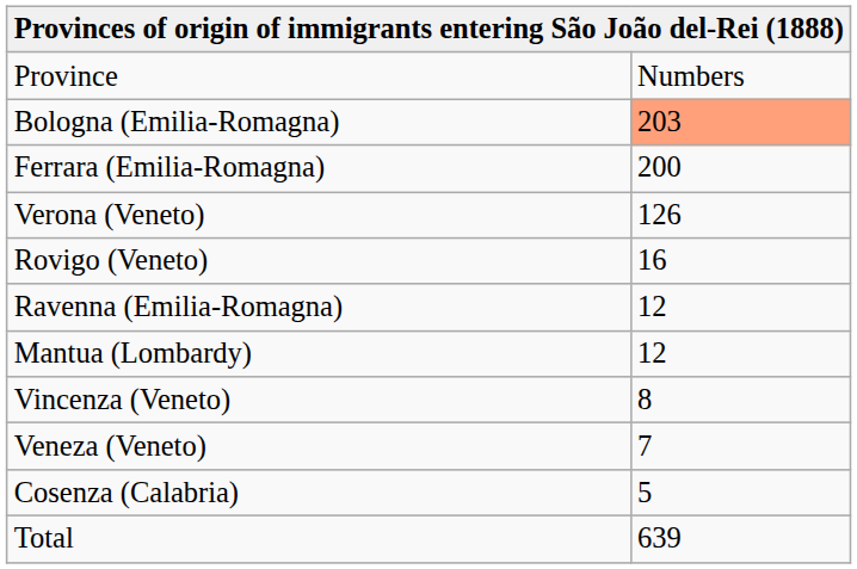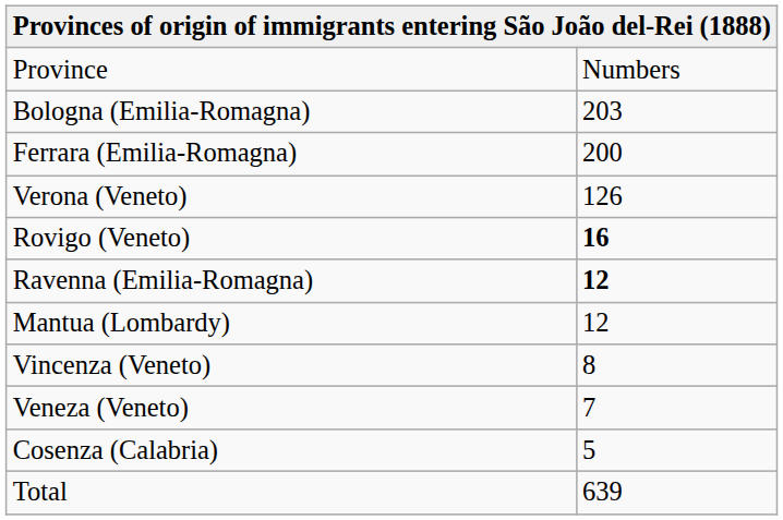 <table class="wikitable" style="margin-left: 1em" cellspacing="0" align="right">
 <tr>
 <th colspan="2" style="background:#f0f0f0;">Provinces of origin of immigrants entering São João del-Rei (1888) </th>
 </tr>
 <tr>
 <td>Province</td>
 <td>Numbers</td>
 </tr>
 <tr>
 <td>Bologna (Emilia-Romagna)</td>
-<td style="background: lightsalmon;">203</td>
+<td>203</td>
 </tr>
 <tr>
 <td>Ferrara (Emilia-Romagna)</td>
 <td>200</td>
 </tr>
 <tr>
 <td>Verona (Veneto)</td>
 <td>126</td>
 </tr>
 <tr>
 <td>Rovigo (Veneto)</td>
-<td>16</td>
+<td><strong>16</strong></td>
 </tr>
 <tr>
 <td>Ravenna (Emilia-Romagna)</td>
-<td>12</td>
+<td><strong>12</strong></td>
 </tr>
 <tr>
 <td>Mantua (Lombardy)</td>
 <td>12</td>
 </tr>
 <tr>
 <td>Vincenza (Veneto)</td>
 <td>8</td>
 </tr>
 <tr>
 <td>Veneza (Veneto)</td>
 <td>7</td>
 </tr>
 <tr>
 <td>Cosenza (Calabria)</td>
 <td>5</td>
 </tr>
 <tr>
 <td>Total</td>
 <td>639</td>
 </tr>
 </table>
